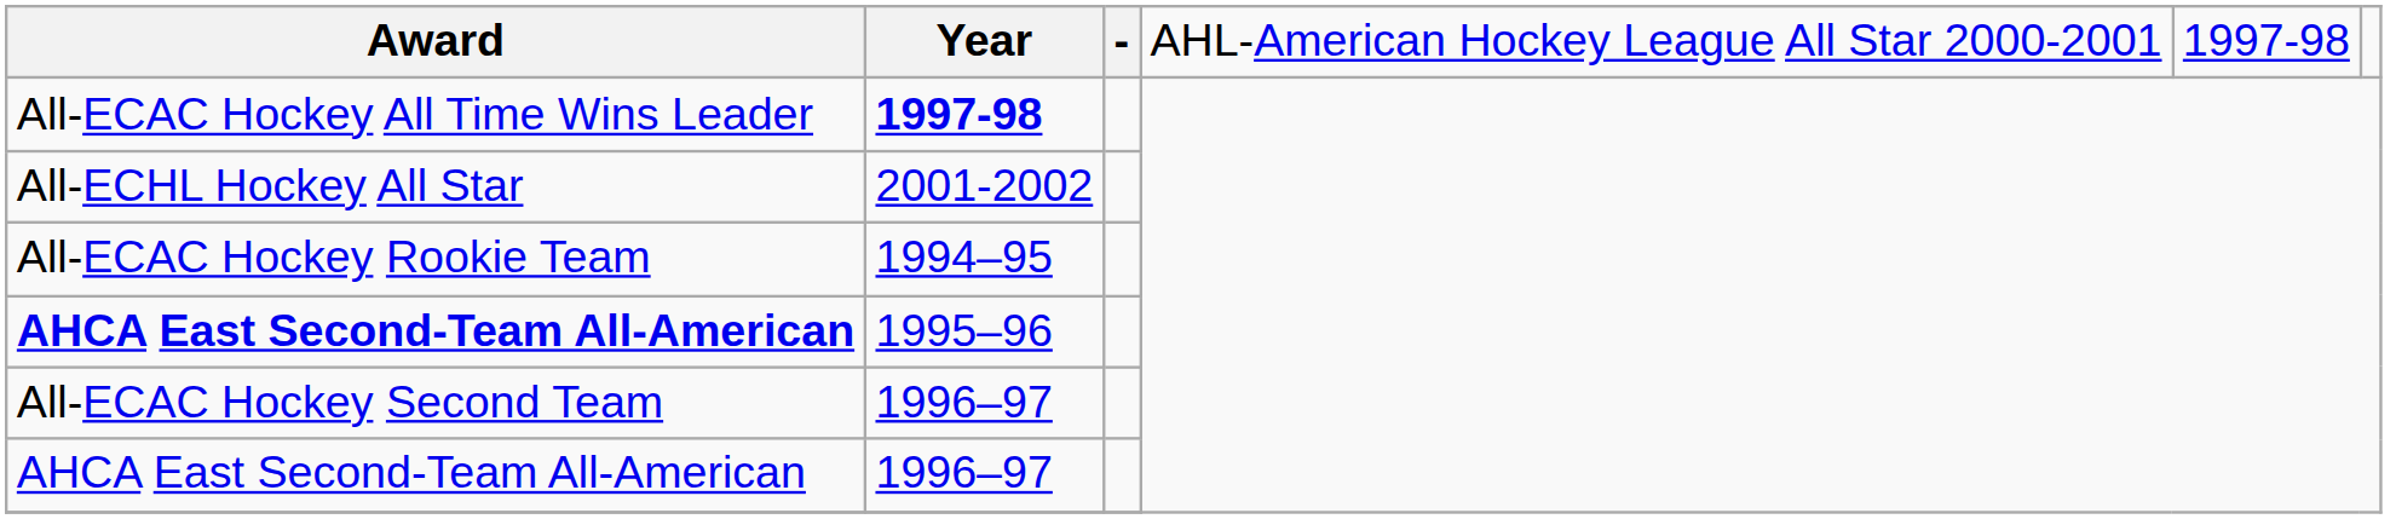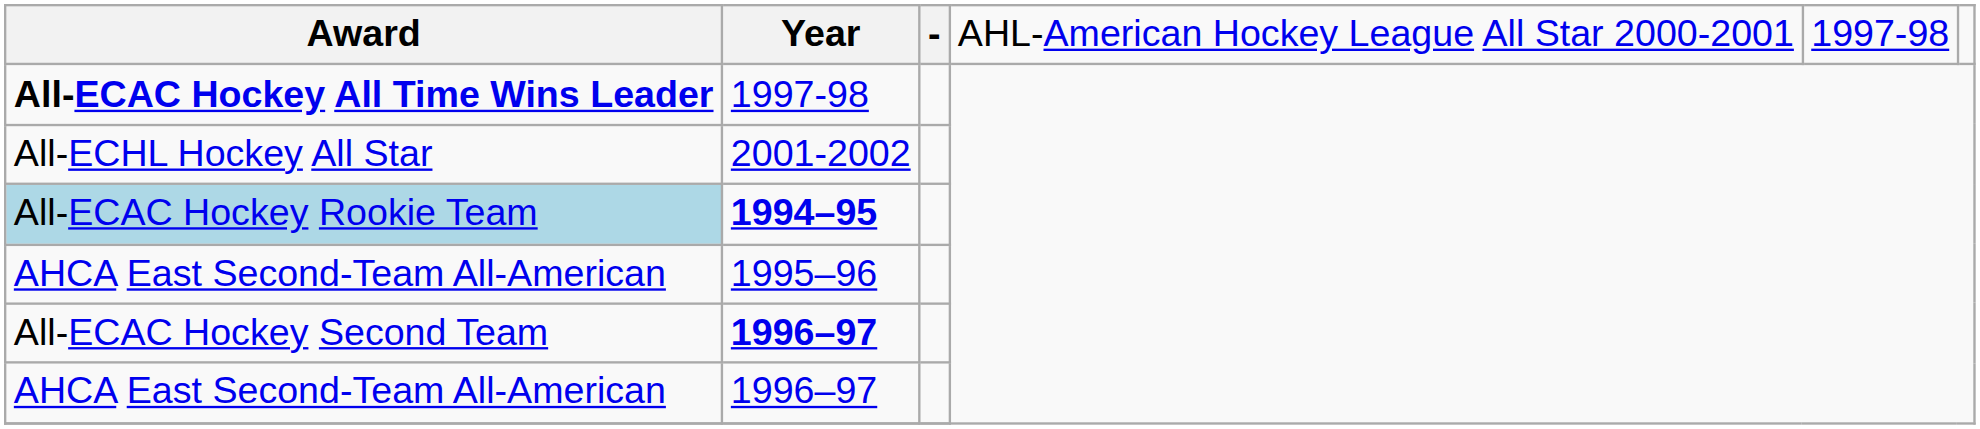 <table class="wikitable">
 <tr>
 <th>Award</th>
 <th>Year</th>
 <th>-</th>
 <td>AHL-<a href='#'>American Hockey League</a> <a href='#'>All Star 2000-2001</a></td>
 <td><a href='#'>1997-98</a></td>
 <td></td>
 </tr>
 <tr>
-<td>All-<a href='#'>ECAC Hockey</a> <a href='#'>All Time Wins Leader</a></td>
-<td><strong><a href='#'>1997-98</a></strong></td>
+<td><strong>All-<a href='#'>ECAC Hockey</a> <a href='#'>All Time Wins Leader</a></strong></td>
+<td><a href='#'>1997-98</a></td>
 <td></td>
 </tr>
 <tr>
 <td>All-<a href='#'>ECHL Hockey</a> <a href='#'>All Star</a></td>
 <td><a href='#'>2001-2002</a></td>
 <td></td>
 </tr>
 <tr>
-<td>All-<a href='#'>ECAC Hockey</a> <a href='#'>Rookie Team</a></td>
-<td><a href='#'>1994–95</a></td>
+<td style="background: lightblue;">All-<a href='#'>ECAC Hockey</a> <a href='#'>Rookie Team</a></td>
+<td><strong><a href='#'>1994–95</a></strong></td>
 <td></td>
 </tr>
 <tr>
-<td><strong><a href='#'>AHCA</a> <a href='#'>East Second-Team All-American</a></strong></td>
+<td><a href='#'>AHCA</a> <a href='#'>East Second-Team All-American</a></td>
 <td><a href='#'>1995–96</a></td>
 <td></td>
 </tr>
 <tr>
 <td>All-<a href='#'>ECAC Hockey</a> <a href='#'>Second Team</a></td>
-<td><a href='#'>1996–97</a></td>
+<td><strong><a href='#'>1996–97</a></strong></td>
 <td></td>
 </tr>
 <tr>
 <td><a href='#'>AHCA</a> <a href='#'>East Second-Team All-American</a></td>
 <td><a href='#'>1996–97</a></td>
 <td></td>
 </tr>
 <tr>
 </tr>
 </table>
